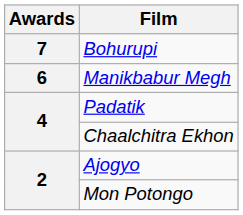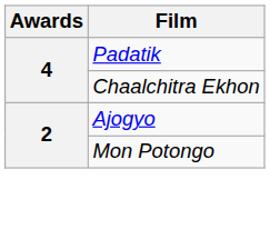 <table class="wikitable" style="display:inline-table;">
 <tr>
 <th>Awards</th>
 <th>Film</th>
-</tr>
-<tr>
-<th>7</th>
-<td><em><a href='#'>Bohurupi</a></em></td>
-</tr>
-<tr>
-<th>6</th>
-<td><em><a href='#'>Manikbabur Megh</a></em></td>
 </tr>
 <tr>
 <th rowspan="2">4</th>
 <td><em><a href='#'>Padatik</a></em></td>
 </tr>
 <tr>
 <td><em>Chaalchitra Ekhon</em></td>
 </tr>
 <tr>
 <th rowspan="2">2</th>
 <td><em><a href='#'>Ajogyo</a></em></td>
 </tr>
 <tr>
 <td><em>Mon Potongo</em></td>
 </tr>
 </table>
